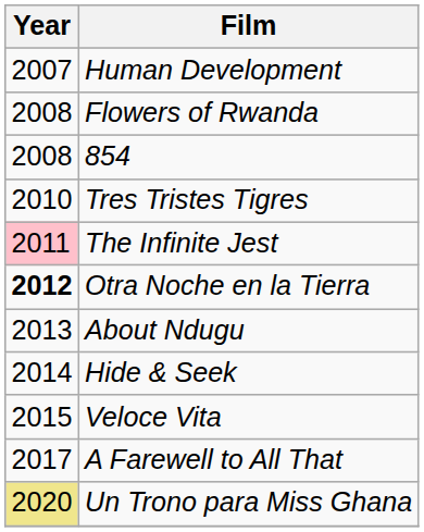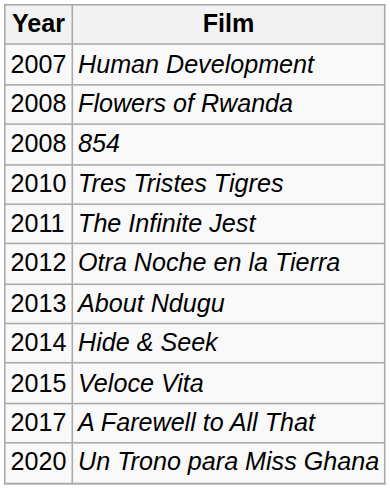 <table class="wikitable">
 <tr>
 <th>Year</th>
 <th>Film</th>
 </tr>
 <tr>
 <td>2007</td>
 <td><em>Human Development</em></td>
 </tr>
 <tr>
 <td>2008</td>
 <td><em>Flowers of Rwanda</em></td>
 </tr>
 <tr>
 <td>2008</td>
 <td><em>854</em> </td>
 </tr>
 <tr>
 <td>2010</td>
 <td><em>Tres Tristes Tigres</em></td>
 </tr>
 <tr>
-<td style="background: pink;">2011</td>
+<td>2011</td>
 <td><em>The Infinite Jest</em> </td>
 </tr>
 <tr>
-<td><strong>2012</strong></td>
+<td>2012</td>
 <td><em>Otra Noche en la Tierra</em> </td>
 </tr>
 <tr>
 <td>2013</td>
 <td><em>About Ndugu</em></td>
 </tr>
 <tr>
 <td>2014</td>
 <td><em>Hide & Seek</em> </td>
 </tr>
 <tr>
 <td>2015</td>
 <td><em>Veloce Vita</em> </td>
 </tr>
 <tr>
 <td>2017</td>
 <td><em>A Farewell to All That</em> </td>
 </tr>
 <tr>
-<td style="background: khaki;">2020</td>
+<td>2020</td>
 <td><em>Un Trono para Miss Ghana</em> </td>
 </tr>
 <tr>
 </tr>
 </table>
